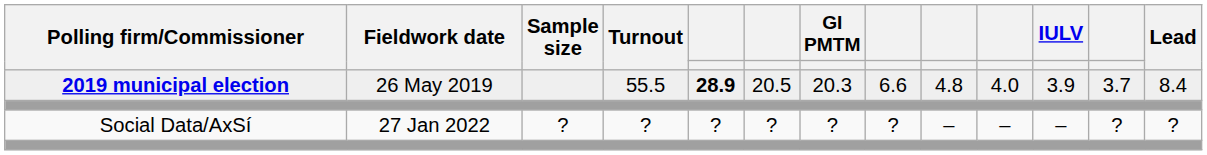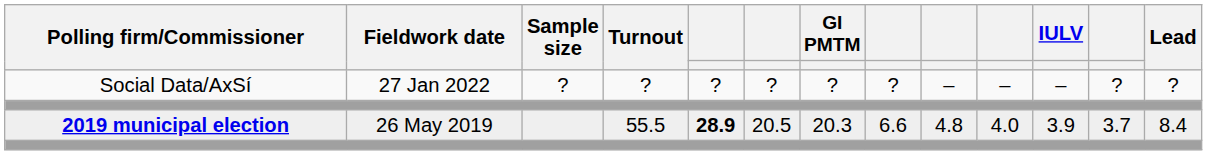 <table class="wikitable collapsible collapsed" style="text-align:center; font-size:95%; line-height:16px;">
 <tr style="height:42px;">
 <th style="width:250px;" rowspan="2">Polling firm/Commissioner</th>
 <th style="width:125px;" rowspan="2">Fieldwork date</th>
 <th style="width:50px;" rowspan="2">Sample size</th>
 <th style="width:45px;" rowspan="2">Turnout</th>
 <th style="width:35px;"></th>
 <th style="width:35px;"></th>
 <th style="width:35px; font-size:95%;">GI<br>PMTM</th>
 <th style="width:35px;"></th>
 <th style="width:35px;"></th>
 <th style="width:35px;"></th>
 <th style="width:35px;"><a href='#'>IULV</a></th>
 <th style="width:35px;"></th>
 <th style="width:30px;" rowspan="2">Lead</th>
 </tr>
 <tr>
 <th style="color:inherit;background:"></th>
 <th style="color:inherit;background:"></th>
 <th style="color:inherit;background:"></th>
 <th style="color:inherit;background:"></th>
 <th style="color:inherit;background:"></th>
 <th style="color:inherit;background:"></th>
 <th style="color:inherit;background:"></th>
 <th style="color:inherit;background:"></th>
 </tr>
+<tr>
+<td>Social Data/AxSí</td>
+<td>27 Jan 2022</td>
+<td>?</td>
+<td>?</td>
+<td>?<br></td>
+<td>?<br></td>
+<td>?<br></td>
+<td>?<br></td>
+<td>–</td>
+<td>–</td>
+<td>–</td>
+<td>?<br></td>
+<td style="background:">?</td>
+</tr>
+<tr>
+<td colspan="13" style="background:#A0A0A0"></td>
+</tr>
 <tr style="background:#EFEFEF;">
 <td><strong><a href='#'>2019 municipal election</a></strong></td>
 <td>26 May 2019</td>
 <td></td>
 <td>55.5</td>
 <td><strong>28.9</strong><br></td>
 <td>20.5<br></td>
 <td>20.3<br></td>
 <td>6.6<br></td>
 <td>4.8<br></td>
 <td>4.0<br></td>
 <td>3.9<br></td>
 <td>3.7<br></td>
 <td style="background:">8.4</td>
 </tr>
 <tr>
 <td colspan="13" style="background:#A0A0A0"></td>
 </tr>
-<tr>
-<td>Social Data/AxSí</td>
-<td>27 Jan 2022</td>
-<td>?</td>
-<td>?</td>
-<td>?<br></td>
-<td>?<br></td>
-<td>?<br></td>
-<td>?<br></td>
-<td>–</td>
-<td>–</td>
-<td>–</td>
-<td>?<br></td>
-<td style="background:">?</td>
-</tr>
-<tr>
-<td colspan="13" style="background:#A0A0A0"></td>
-</tr>
 </table>
